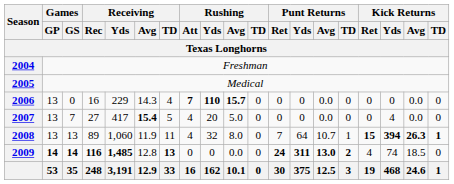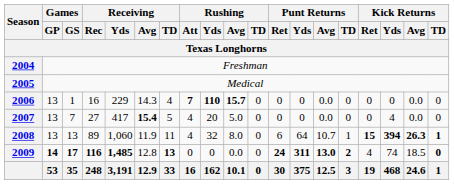 <table class=wikitable style="text-align:center;">
 <tr>
 <th rowspan="2">Season</th>
 <th colspan="2">Games</th>
 <th colspan="4">Receiving</th>
 <th colspan="4">Rushing</th>
 <th colspan="4">Punt Returns</th>
 <th colspan="4">Kick Returns</th>
 </tr>
 <tr>
 <th>GP</th>
 <th>GS</th>
 <th>Rec</th>
 <th>Yds</th>
 <th>Avg</th>
 <th>TD</th>
 <th>Att</th>
 <th>Yds</th>
 <th>Avg</th>
 <th>TD</th>
 <th>Ret</th>
 <th>Yds</th>
 <th>Avg</th>
 <th>TD</th>
 <th>Ret</th>
 <th>Yds</th>
 <th>Avg</th>
 <th>TD</th>
 </tr>
 <tr>
 <th colspan="19">Texas Longhorns</th>
 </tr>
 <tr>
 <th><a href='#'>2004</a></th>
 <td colspan="18"><em>Freshman </em></td>
 </tr>
 <tr>
 <th><a href='#'>2005</a></th>
 <td colspan="18"><em>Medical </em></td>
 </tr>
 <tr>
 <th><a href='#'>2006</a></th>
 <td>13</td>
-<td>0</td>
+<td>1</td>
 <td>16</td>
 <td>229</td>
 <td>14.3</td>
 <td>4</td>
 <td><strong>7</strong></td>
 <td><strong>110</strong></td>
 <td><strong>15.7</strong></td>
 <td>0</td>
 <td>0</td>
 <td>0</td>
 <td>0.0</td>
 <td>0</td>
 <td>0</td>
 <td>0</td>
 <td>0.0</td>
 <td>0</td>
 </tr>
 <tr>
 <th><a href='#'>2007</a></th>
 <td>13</td>
 <td>7</td>
 <td>27</td>
 <td>417</td>
 <td><strong>15.4</strong></td>
 <td>5</td>
 <td>4</td>
 <td>20</td>
 <td>5.0</td>
 <td>0</td>
 <td>0</td>
 <td>0</td>
 <td>0.0</td>
 <td>0</td>
 <td>0</td>
 <td>4</td>
 <td>0.0</td>
 <td>0</td>
 </tr>
 <tr>
 <th><a href='#'>2008</a></th>
 <td>13</td>
 <td>13</td>
 <td>89</td>
 <td>1,060</td>
 <td>11.9</td>
 <td>11</td>
 <td>4</td>
 <td>32</td>
 <td>8.0</td>
 <td>0</td>
-<td>7</td>
+<td>6</td>
 <td>64</td>
 <td>10.7</td>
 <td>1</td>
 <td><strong>15</strong></td>
 <td><strong>394</strong></td>
 <td><strong>26.3</strong></td>
 <td><strong>1</strong></td>
 </tr>
 <tr>
 <th><a href='#'>2009</a></th>
 <td><strong>14</strong></td>
-<td><strong>14</strong></td>
+<td><strong>17</strong></td>
 <td><strong>116</strong></td>
 <td><strong>1,485</strong></td>
 <td>12.8</td>
 <td><strong>13</strong></td>
 <td>0</td>
 <td>0</td>
 <td>0.0</td>
 <td>0</td>
 <td><strong>24</strong></td>
 <td><strong>311</strong></td>
 <td><strong>13.0</strong></td>
 <td><strong>2</strong></td>
 <td>4</td>
 <td>74</td>
 <td>18.5</td>
-<td>0</td>
+<td><strong>0</strong></td>
 </tr>
 <tr>
 <th></th>
 <th>53</th>
 <th>35</th>
 <th>248</th>
 <th>3,191</th>
 <th>12.9</th>
 <th>33</th>
 <th>16</th>
 <th>162</th>
 <th>10.1</th>
 <th>0</th>
 <th>30</th>
 <th>375</th>
 <th>12.5</th>
 <th>3</th>
 <th>19</th>
 <th>468</th>
 <th>24.6</th>
 <th>1</th>
 </tr>
 </table>
